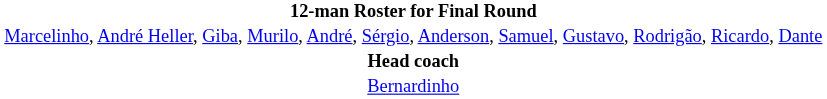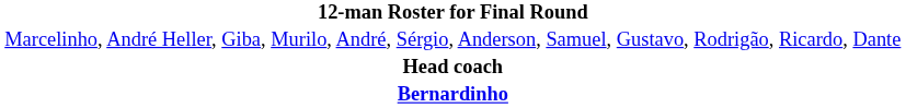 <table style="text-align: center; margin-top: 2em; margin-left: auto; margin-right: auto">
 <tr>
 <td><strong>12-man Roster for Final Round</strong></td>
 </tr>
 <tr>
 <td><a href='#'>Marcelinho</a>, <a href='#'>André Heller</a>, <a href='#'>Giba</a>, <a href='#'>Murilo</a>, <a href='#'>André</a>, <a href='#'>Sérgio</a>, <a href='#'>Anderson</a>, <a href='#'>Samuel</a>, <a href='#'>Gustavo</a>, <a href='#'>Rodrigão</a>, <a href='#'>Ricardo</a>, <a href='#'>Dante</a></td>
 </tr>
 <tr>
 <td><strong>Head coach</strong></td>
 </tr>
 <tr>
-<td><a href='#'>Bernardinho</a></td>
+<td><strong><a href='#'>Bernardinho</a></strong></td>
 </tr>
 </table>
